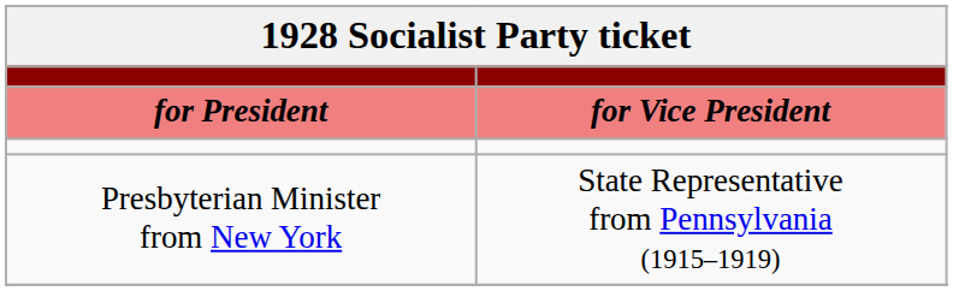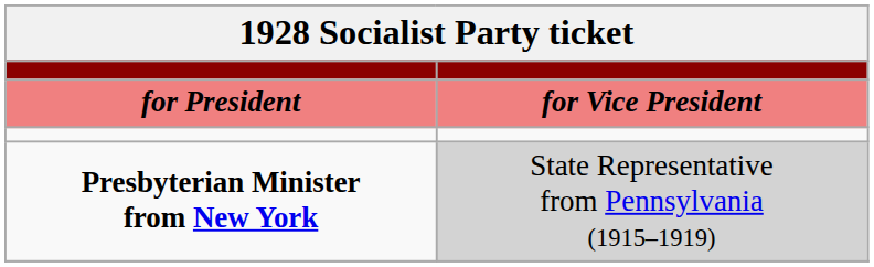 <table class="wikitable" style="font-size:90%; text-align:center;">
 <tr>
 <td style="background:#f1f1f1;" colspan="30"><big><strong>1928 Socialist Party ticket</strong></big></td>
 </tr>
 <tr>
 <th style="width:3em; font-size:135%; background:#8B0000; width:200px;"><a href='#'></a></th>
 <th style="width:3em; font-size:135%; background:#8B0000; width:200px;"><a href='#'></a></th>
 </tr>
 <tr style="color:#000; font-size:100%; background:#F08080;">
 <td style="width:3em; width:200px;"><strong><em>for President</em></strong></td>
 <td style="width:3em; width:200px;"><strong><em>for Vice President</em></strong></td>
 </tr>
 <tr>
 <td></td>
 <td></td>
 </tr>
 <tr>
-<td>Presbyterian Minister<br>from <a href='#'>New York</a></td>
-<td>State Representative<br>from <a href='#'>Pennsylvania</a><br><small>(1915–1919)</small></td>
+<td><strong>Presbyterian Minister<br>from <a href='#'>New York</a></strong></td>
+<td style="background: lightgrey;">State Representative<br>from <a href='#'>Pennsylvania</a><br><small>(1915–1919)</small></td>
 </tr>
 <tr>
 </tr>
 <tr>
 </tr>
 </table>
